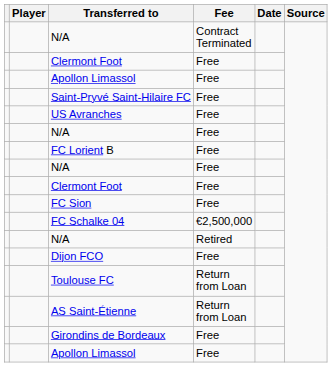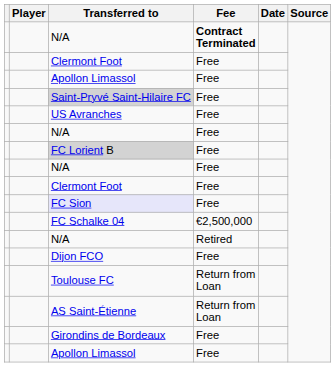 <table class="wikitable plainrowheaders sortable">
 <tr>
 <th></th>
 <th scope="col">Player</th>
 <th>Transferred to</th>
 <th style="width: 65px;">Fee</th>
 <th scope="col">Date</th>
 <th scope="col">Source</th>
 </tr>
 <tr>
 <td align="center"></td>
 <td></td>
 <td>N/A</td>
-<td>Contract Terminated</td>
+<td><strong>Contract Terminated</strong></td>
 <td></td>
 </tr>
 <tr>
 <td align="center"></td>
 <td></td>
 <td> <a href='#'>Clermont Foot</a></td>
 <td>Free</td>
 <td></td>
 </tr>
 <tr>
 <td align="center"></td>
 <td></td>
 <td> <a href='#'>Apollon Limassol</a></td>
 <td>Free</td>
 <td></td>
 </tr>
 <tr>
 <td align="center"></td>
 <td></td>
-<td> <a href='#'>Saint-Pryvé Saint-Hilaire FC</a></td>
+<td style="background: lightgrey;"> <a href='#'>Saint-Pryvé Saint-Hilaire FC</a></td>
 <td>Free</td>
 <td></td>
 </tr>
 <tr>
 <td align="center"></td>
 <td></td>
 <td> <a href='#'>US Avranches</a></td>
 <td>Free</td>
 <td></td>
 </tr>
 <tr>
 <td align="center"></td>
 <td></td>
 <td>N/A</td>
 <td>Free</td>
 <td></td>
 </tr>
 <tr>
 <td align="center"></td>
 <td></td>
-<td> <a href='#'>FC Lorient</a> B</td>
+<td style="background: lightgrey;"> <a href='#'>FC Lorient</a> B</td>
 <td>Free</td>
 <td></td>
 </tr>
 <tr>
 <td align="center"></td>
 <td></td>
 <td>N/A</td>
 <td>Free</td>
 <td></td>
 </tr>
 <tr>
 <td align="center"></td>
 <td></td>
 <td> <a href='#'>Clermont Foot</a></td>
 <td>Free</td>
 <td></td>
 </tr>
 <tr>
 <td align="center"></td>
 <td></td>
-<td> <a href='#'>FC Sion</a></td>
+<td style="background: lavender;"> <a href='#'>FC Sion</a></td>
 <td>Free</td>
 <td></td>
 </tr>
 <tr>
 <td align="center"></td>
 <td></td>
 <td> <a href='#'>FC Schalke 04</a></td>
 <td>€2,500,000</td>
 <td></td>
 </tr>
 <tr>
 <td align="center"></td>
 <td></td>
 <td>N/A</td>
 <td>Retired</td>
 <td></td>
 </tr>
 <tr>
 <td align="center"></td>
 <td></td>
 <td> <a href='#'>Dijon FCO</a></td>
 <td>Free</td>
 <td></td>
 </tr>
 <tr>
 <td align="center"></td>
 <td></td>
 <td> <a href='#'>Toulouse FC</a></td>
 <td>Return from Loan</td>
 <td></td>
 </tr>
 <tr>
 <td align="center"></td>
 <td></td>
 <td> <a href='#'>AS Saint-Étienne</a></td>
 <td>Return from Loan</td>
 <td></td>
 </tr>
 <tr>
 <td align="center"></td>
 <td></td>
 <td> <a href='#'>Girondins de Bordeaux</a></td>
 <td>Free</td>
 <td></td>
 </tr>
 <tr>
 <td align="center"></td>
 <td></td>
 <td> <a href='#'>Apollon Limassol</a></td>
 <td>Free</td>
 <td></td>
 </tr>
 </table>
